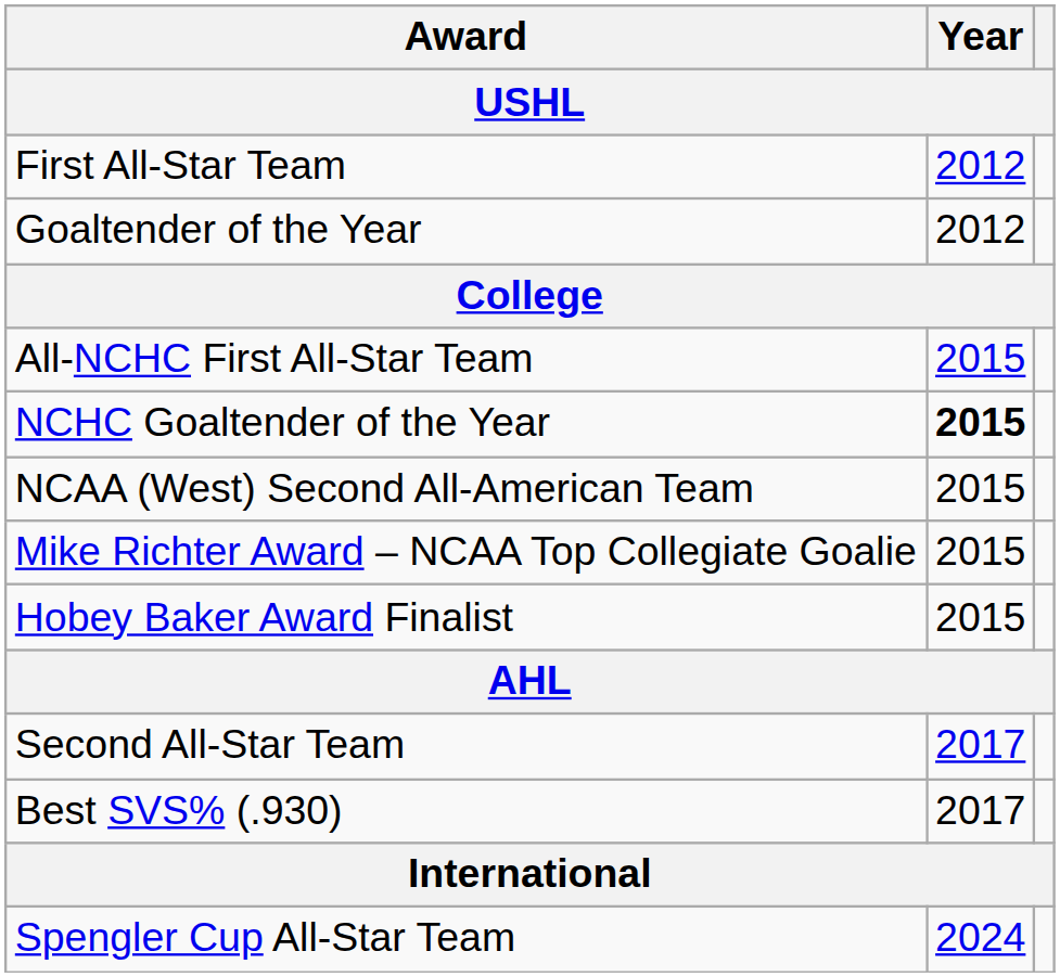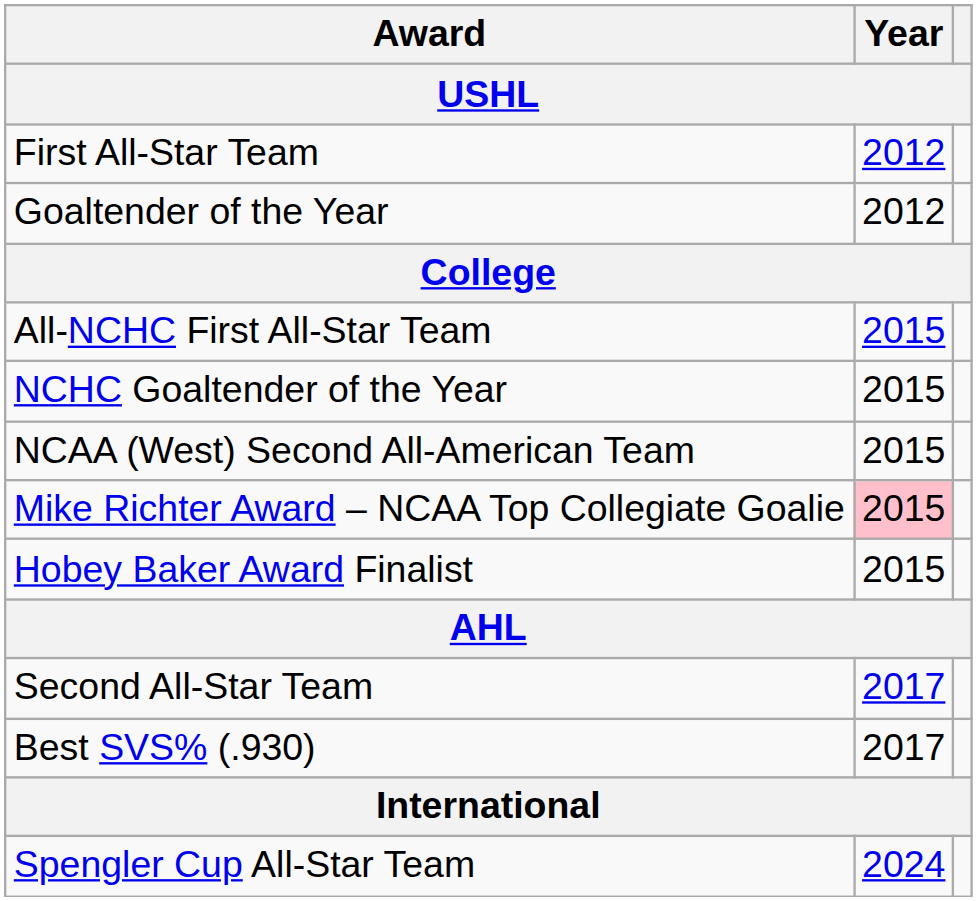 <table class="wikitable">
 <tr>
 <th>Award</th>
 <th>Year</th>
 <th></th>
 </tr>
 <tr>
 <th colspan="3"><a href='#'>USHL</a></th>
 </tr>
 <tr>
 <td>First All-Star Team</td>
 <td><a href='#'>2012</a></td>
 <td></td>
 </tr>
 <tr>
 <td>Goaltender of the Year</td>
 <td>2012</td>
 <td></td>
 </tr>
 <tr>
 <th colspan="3"><a href='#'>College</a></th>
 </tr>
 <tr>
 <td>All-<a href='#'>NCHC</a> First All-Star Team</td>
 <td><a href='#'>2015</a></td>
 <td></td>
 </tr>
 <tr>
 <td><a href='#'>NCHC</a> Goaltender of the Year</td>
-<td><strong>2015</strong></td>
+<td>2015</td>
 <td></td>
 </tr>
 <tr>
 <td>NCAA (West) Second All-American Team</td>
 <td>2015</td>
 <td></td>
 </tr>
 <tr>
 <td><a href='#'>Mike Richter Award</a> – NCAA Top Collegiate Goalie</td>
-<td>2015</td>
+<td style="background: pink;">2015</td>
 <td></td>
 </tr>
 <tr>
 <td><a href='#'>Hobey Baker Award</a> Finalist</td>
 <td>2015</td>
 <td></td>
 </tr>
 <tr>
 <th colspan="3"><a href='#'>AHL</a></th>
 </tr>
 <tr>
 <td>Second All-Star Team</td>
 <td><a href='#'>2017</a></td>
 <td></td>
 </tr>
 <tr>
 <td>Best <a href='#'>SVS%</a> (.930)</td>
 <td>2017</td>
 <td></td>
 </tr>
 <tr ALIGN="center" bgcolor="#e0e0e0">
 <th colspan="3">International</th>
 </tr>
 <tr>
 <td><a href='#'>Spengler Cup</a> All-Star Team</td>
 <td><a href='#'>2024</a></td>
 <td></td>
 </tr>
 </table>
